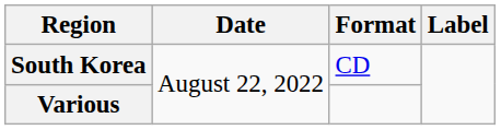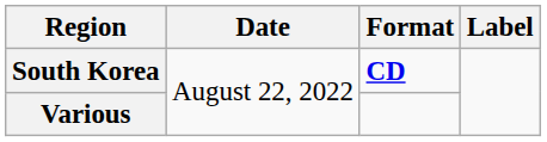 <table class="wikitable plainrowheaders">
 <tr>
 <th scope="col">Region</th>
 <th scope="col">Date</th>
 <th scope="col">Format</th>
 <th scope="col">Label</th>
 </tr>
 <tr>
 <th scope="row">South Korea</th>
 <td rowspan="2">August 22, 2022</td>
-<td><a href='#'>CD</a></td>
+<td><strong><a href='#'>CD</a></strong></td>
 <td rowspan="2"></td>
 </tr>
 <tr>
 <th scope="row">Various </th>
 <td></td>
 </tr>
 </table>
